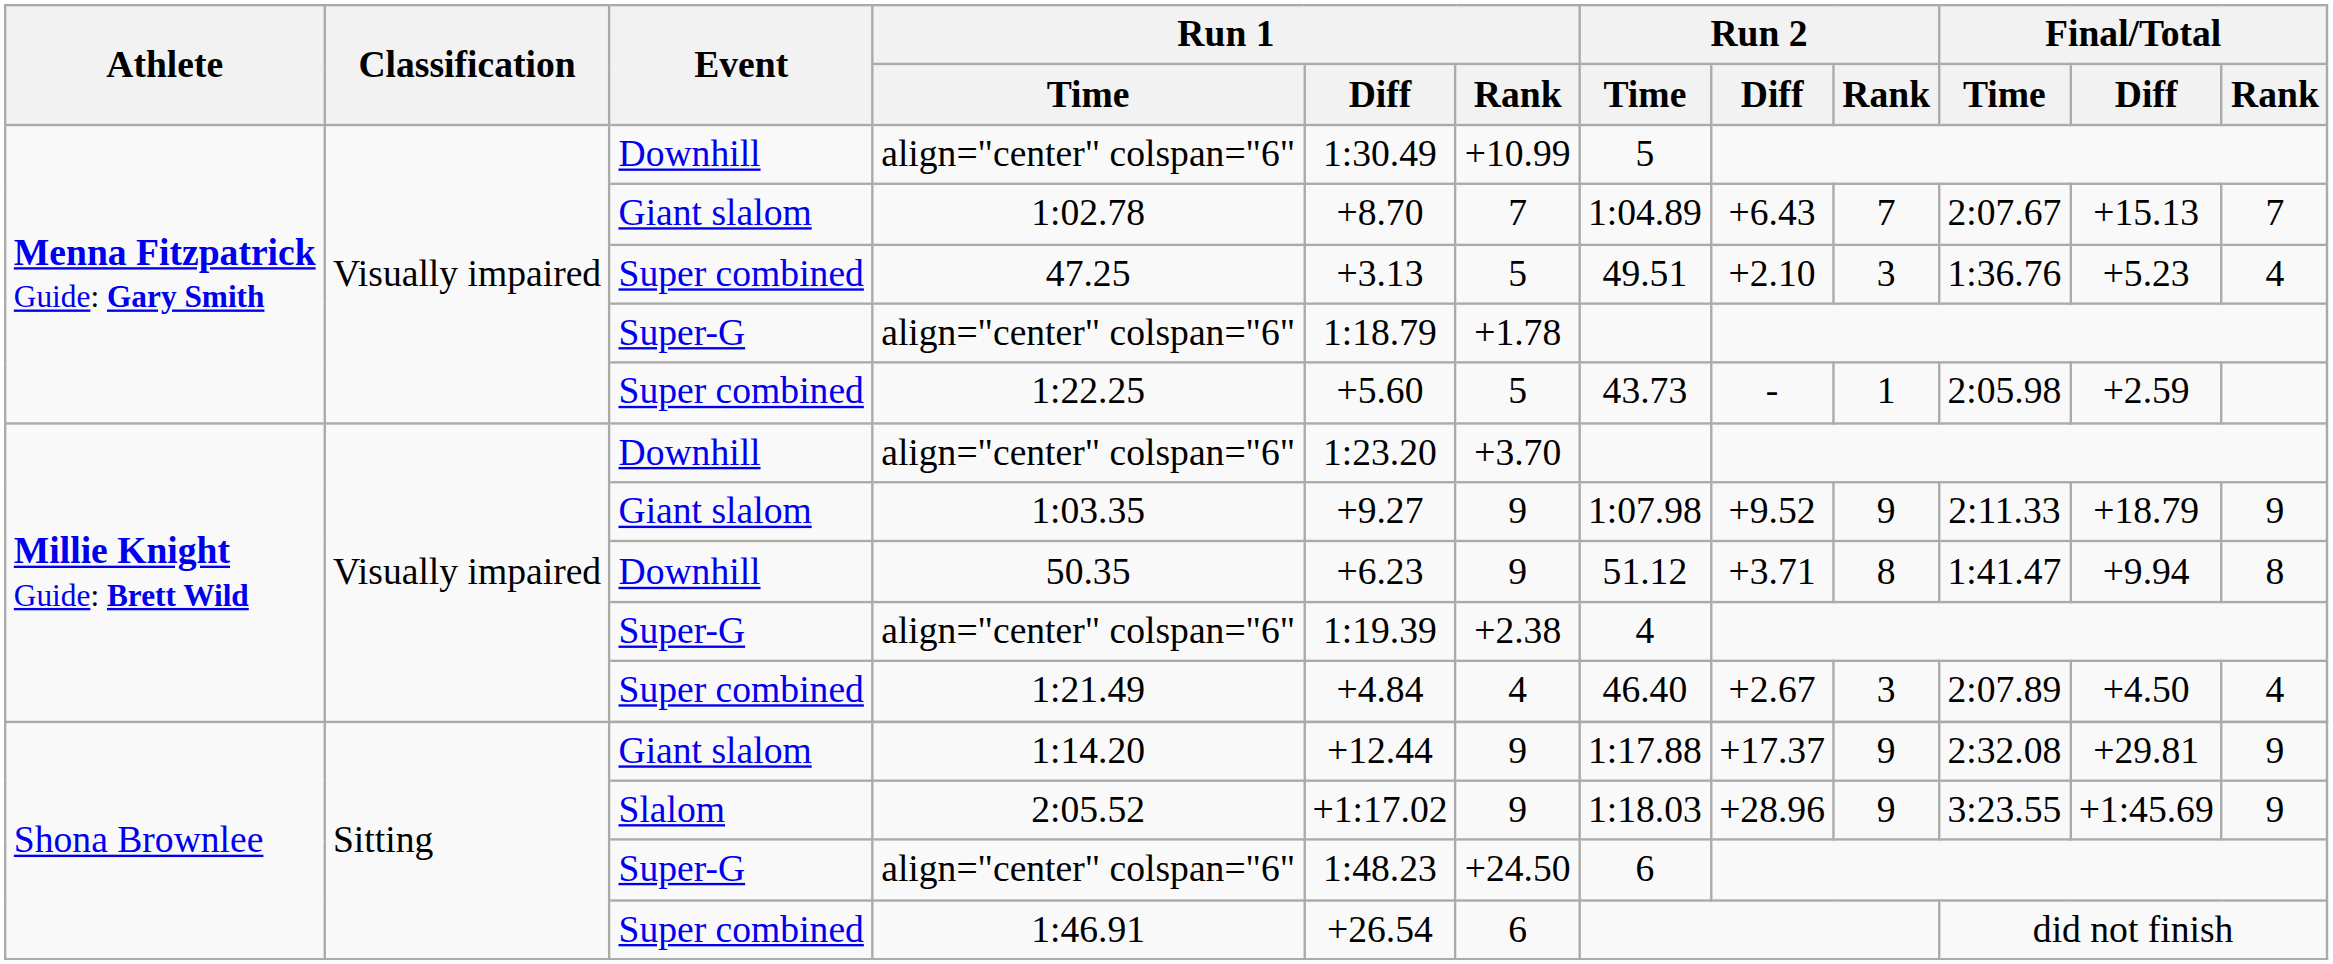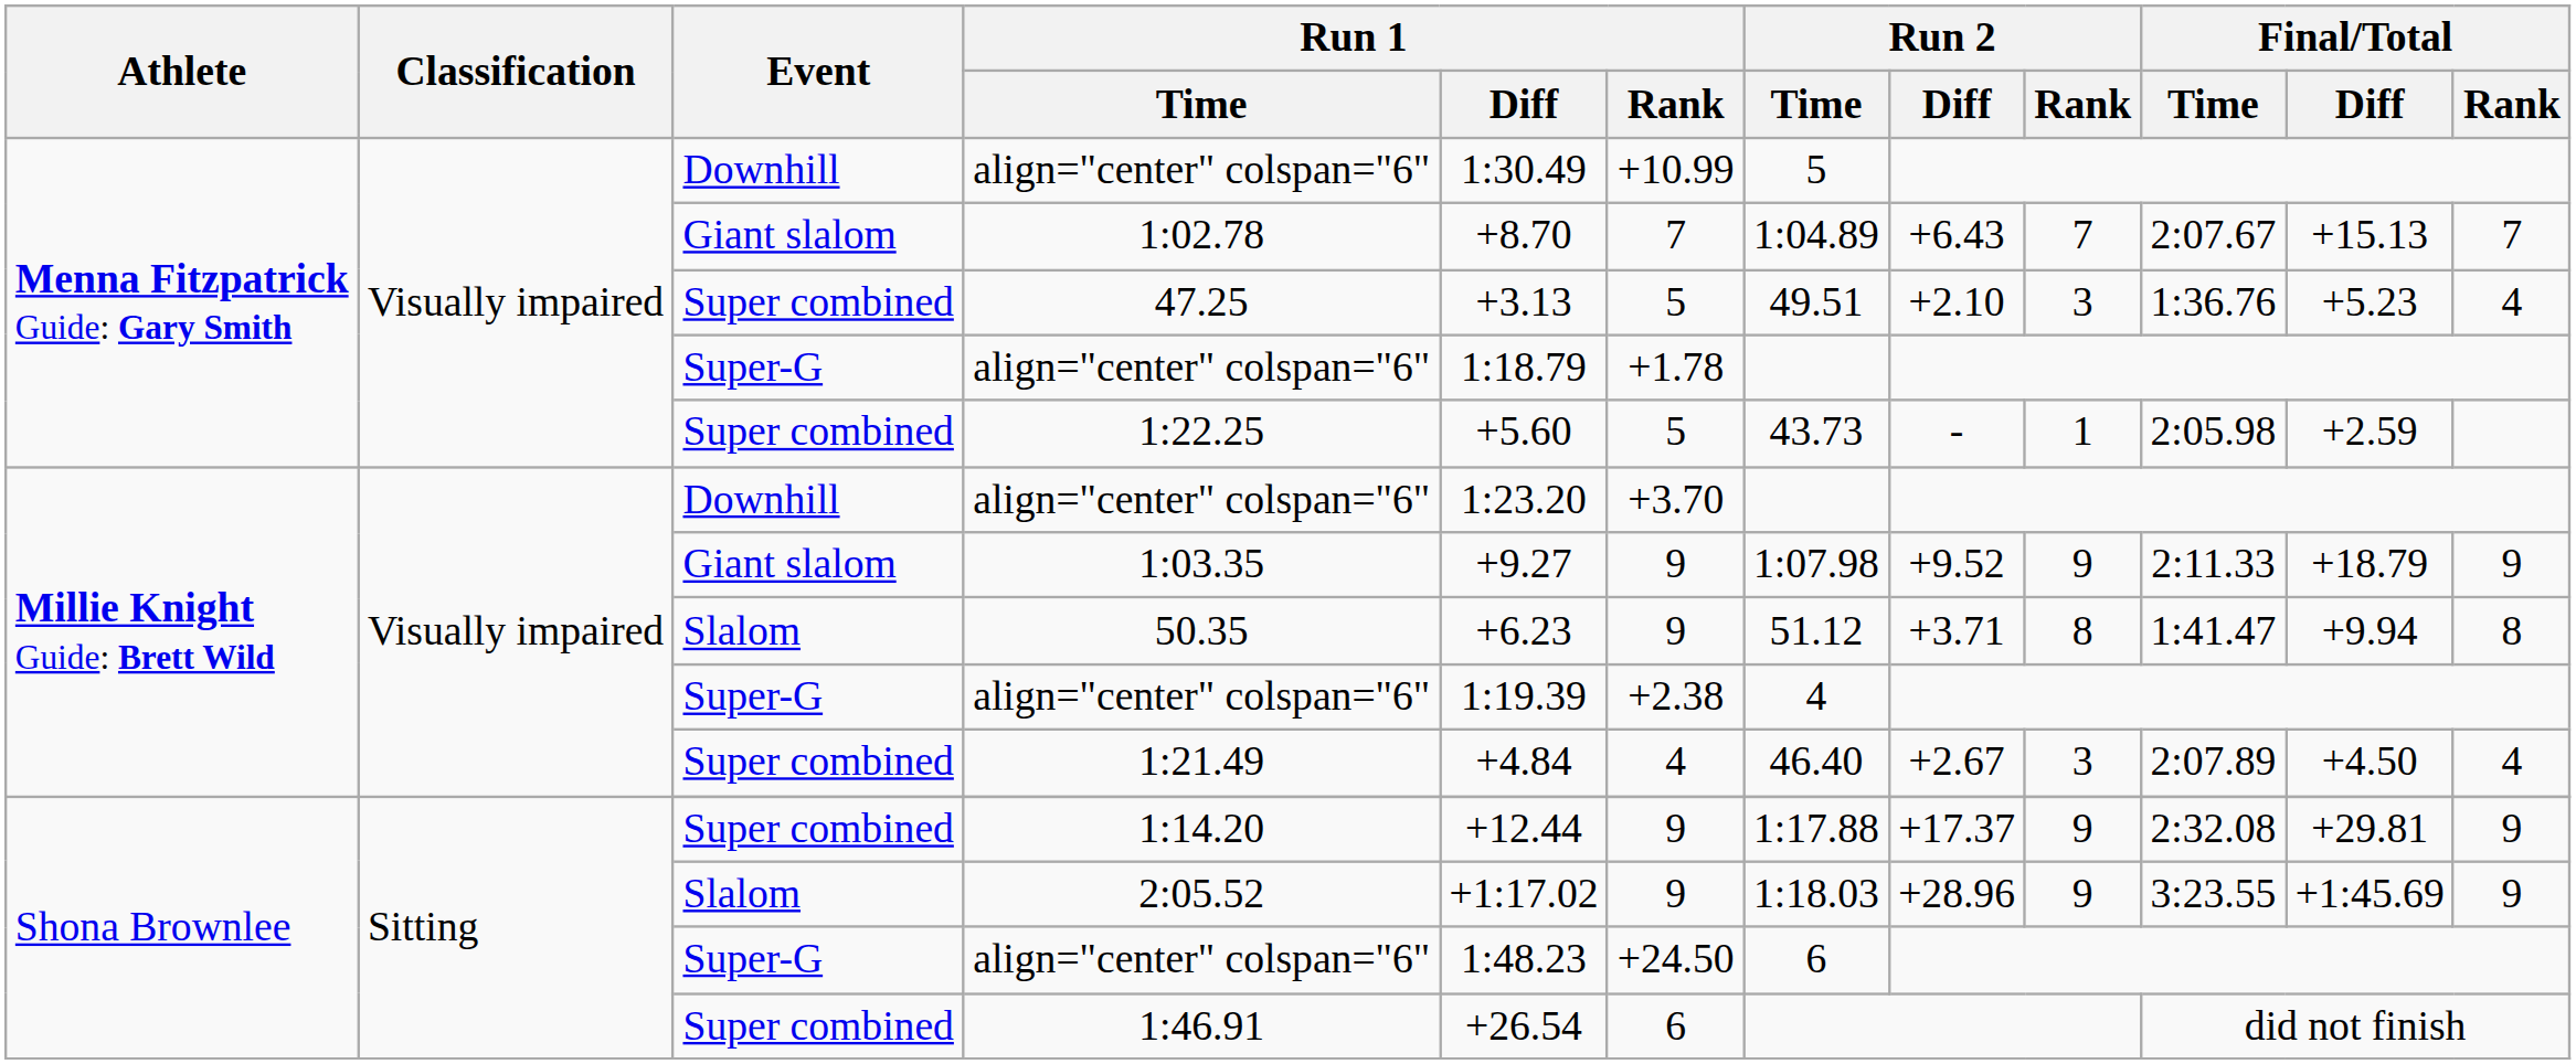 <table class="wikitable" style="font-size:100%">
 <tr>
 <th rowspan="2">Athlete</th>
 <th rowspan="2">Classification</th>
 <th rowspan="2">Event</th>
 <th colspan="3">Run 1</th>
 <th colspan="3">Run 2</th>
 <th colspan="3">Final/Total</th>
 </tr>
 <tr>
 <th>Time</th>
 <th>Diff</th>
 <th>Rank</th>
 <th>Time</th>
 <th>Diff</th>
 <th>Rank</th>
 <th>Time</th>
 <th>Diff</th>
 <th>Rank</th>
 </tr>
 <tr>
 <td rowspan=5><strong><a href='#'>Menna Fitzpatrick</a></strong><br><small><a href='#'>Guide</a>: <strong><a href='#'>Gary Smith</a></strong></small></td>
 <td rowspan=5>Visually impaired</td>
 <td><a href='#'>Downhill</a></td>
 <td>align="center" colspan="6" </td>
 <td align="center">1:30.49</td>
 <td align="center">+10.99</td>
 <td align="center">5</td>
 </tr>
 <tr>
 <td><a href='#'>Giant slalom</a></td>
 <td align="center">1:02.78</td>
 <td align="center">+8.70</td>
 <td align="center">7</td>
 <td align="center">1:04.89</td>
 <td align="center">+6.43</td>
 <td align="center">7</td>
 <td align="center">2:07.67</td>
 <td align="center">+15.13</td>
 <td align="center">7</td>
 </tr>
 <tr>
 <td><a href='#'>Super combined</a></td>
 <td align="center">47.25</td>
 <td align="center">+3.13</td>
 <td align="center">5</td>
 <td align="center">49.51</td>
 <td align="center">+2.10</td>
 <td align="center">3</td>
 <td align="center">1:36.76</td>
 <td align="center">+5.23</td>
 <td align="center">4</td>
 </tr>
 <tr>
 <td><a href='#'>Super-G</a></td>
 <td>align="center" colspan="6" </td>
 <td align="center">1:18.79</td>
 <td align="center">+1.78</td>
 <td align="center"></td>
 </tr>
 <tr>
 <td><a href='#'>Super combined</a></td>
 <td align="center">1:22.25</td>
 <td align="center">+5.60</td>
 <td align="center">5</td>
 <td align="center">43.73</td>
 <td align="center">-</td>
 <td align="center">1</td>
 <td align="center">2:05.98</td>
 <td align="center">+2.59</td>
 <td align="center"></td>
 </tr>
 <tr>
 <td rowspan=5><strong><a href='#'>Millie Knight</a></strong><br><small><a href='#'>Guide</a>: <strong><a href='#'>Brett Wild</a></strong></small></td>
 <td rowspan=5>Visually impaired</td>
 <td><a href='#'>Downhill</a></td>
 <td>align="center" colspan="6" </td>
 <td align="center">1:23.20</td>
 <td align="center">+3.70</td>
 <td align="center"></td>
 </tr>
 <tr>
 <td><a href='#'>Giant slalom</a></td>
 <td align="center">1:03.35</td>
 <td align="center">+9.27</td>
 <td align="center">9</td>
 <td align="center">1:07.98</td>
 <td align="center">+9.52</td>
 <td align="center">9</td>
 <td align="center">2:11.33</td>
 <td align="center">+18.79</td>
 <td align="center">9</td>
 </tr>
 <tr>
-<td><a href='#'>Downhill</a></td>
+<td><a href='#'>Slalom</a></td>
 <td align="center">50.35</td>
 <td align="center">+6.23</td>
 <td align="center">9</td>
 <td align="center">51.12</td>
 <td align="center">+3.71</td>
 <td align="center">8</td>
 <td align="center">1:41.47</td>
 <td align="center">+9.94</td>
 <td align="center">8</td>
 </tr>
 <tr>
 <td><a href='#'>Super-G</a></td>
 <td>align="center" colspan="6" </td>
 <td align="center">1:19.39</td>
 <td align="center">+2.38</td>
 <td align="center">4</td>
 </tr>
 <tr>
 <td><a href='#'>Super combined</a></td>
 <td align="center">1:21.49</td>
 <td align="center">+4.84</td>
 <td align="center">4</td>
 <td align="center">46.40</td>
 <td align="center">+2.67</td>
 <td align="center">3</td>
 <td align="center">2:07.89</td>
 <td align="center">+4.50</td>
 <td align="center">4</td>
 </tr>
 <tr>
 <td rowspan=5><a href='#'>Shona Brownlee</a></td>
 <td rowspan=5>Sitting</td>
 </tr>
 <tr>
-<td><a href='#'>Giant slalom</a></td>
+<td><a href='#'>Super combined</a></td>
 <td align="center">1:14.20</td>
 <td align="center">+12.44</td>
 <td align="center">9</td>
 <td align="center">1:17.88</td>
 <td align="center">+17.37</td>
 <td align="center">9</td>
 <td align="center">2:32.08</td>
 <td align="center">+29.81</td>
 <td align="center">9</td>
 </tr>
 <tr>
 <td><a href='#'>Slalom</a></td>
 <td align="center">2:05.52</td>
 <td align="center">+1:17.02</td>
 <td align="center">9</td>
 <td align="center">1:18.03</td>
 <td align="center">+28.96</td>
 <td align="center">9</td>
 <td align="center">3:23.55</td>
 <td align="center">+1:45.69</td>
 <td align="center">9</td>
 </tr>
 <tr>
 <td><a href='#'>Super-G</a></td>
 <td>align="center" colspan="6" </td>
 <td align="center">1:48.23</td>
 <td align="center">+24.50</td>
 <td align="center">6</td>
 </tr>
 <tr>
 <td><a href='#'>Super combined</a></td>
 <td align="center">1:46.91</td>
 <td align="center">+26.54</td>
 <td align="center">6</td>
 <td align="center" colspan="3"></td>
 <td align="center" colspan="3">did not finish</td>
 </tr>
 <tr>
 </tr>
 </table>
